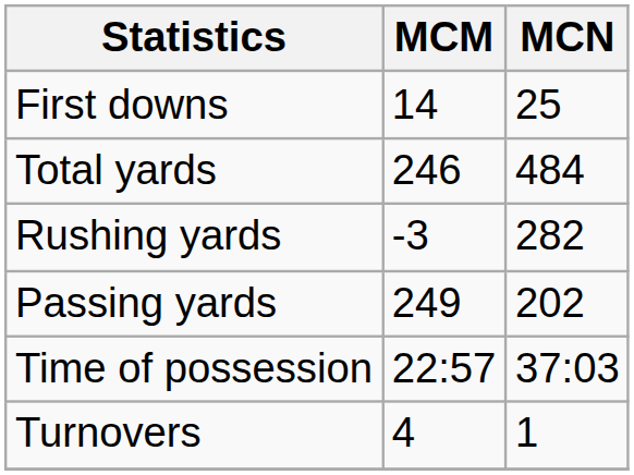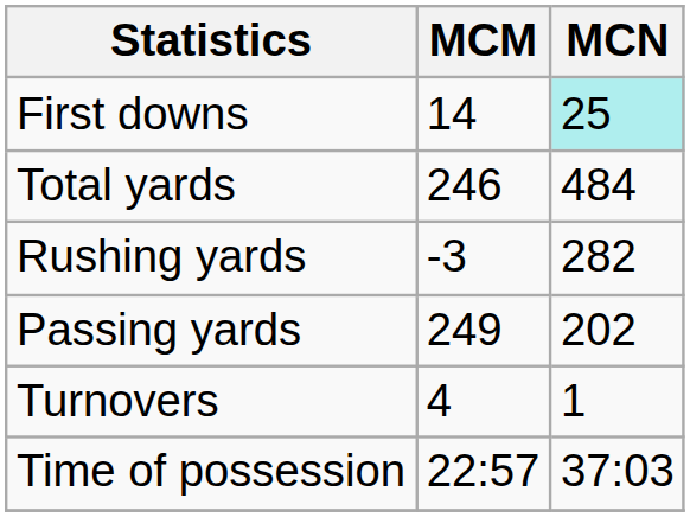 <table class="wikitable">
 <tr>
 <th>Statistics</th>
 <th>MCM</th>
 <th>MCN</th>
 </tr>
 <tr>
 <td>First downs</td>
 <td>14</td>
-<td>25</td>
+<td style="background: paleturquoise;">25</td>
 </tr>
 <tr>
 <td>Total yards</td>
 <td>246</td>
 <td>484</td>
 </tr>
 <tr>
 <td>Rushing yards</td>
 <td>-3</td>
 <td>282</td>
 </tr>
 <tr>
 <td>Passing yards</td>
 <td>249</td>
 <td>202</td>
 </tr>
 <tr>
+<td>Turnovers</td>
+<td>4</td>
+<td>1</td>
+</tr>
+<tr>
 <td>Time of possession</td>
 <td>22:57</td>
 <td>37:03</td>
 </tr>
 <tr>
-<td>Turnovers</td>
-<td>4</td>
-<td>1</td>
-</tr>
-<tr>
 </tr>
 </table>
